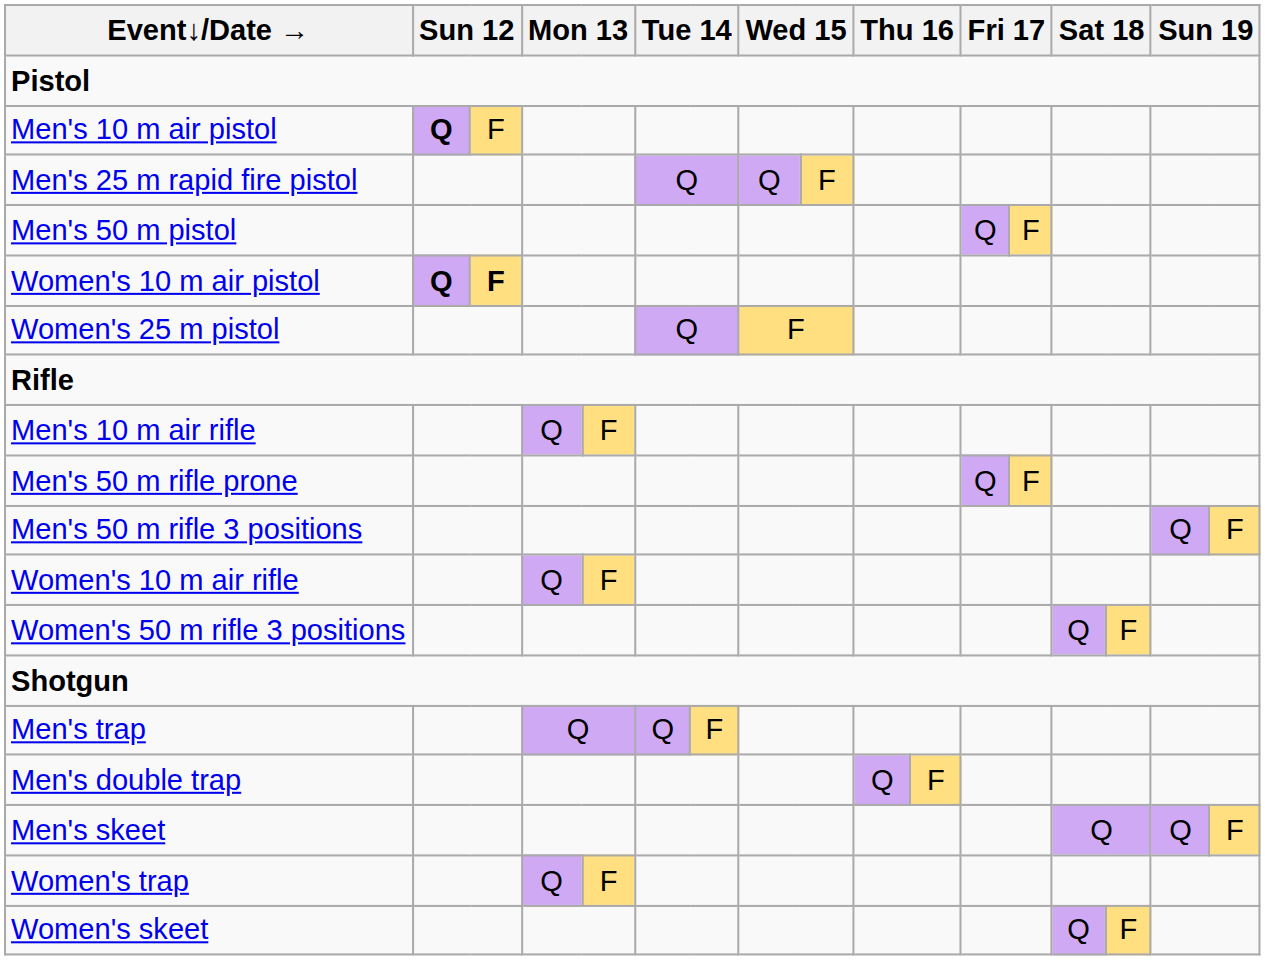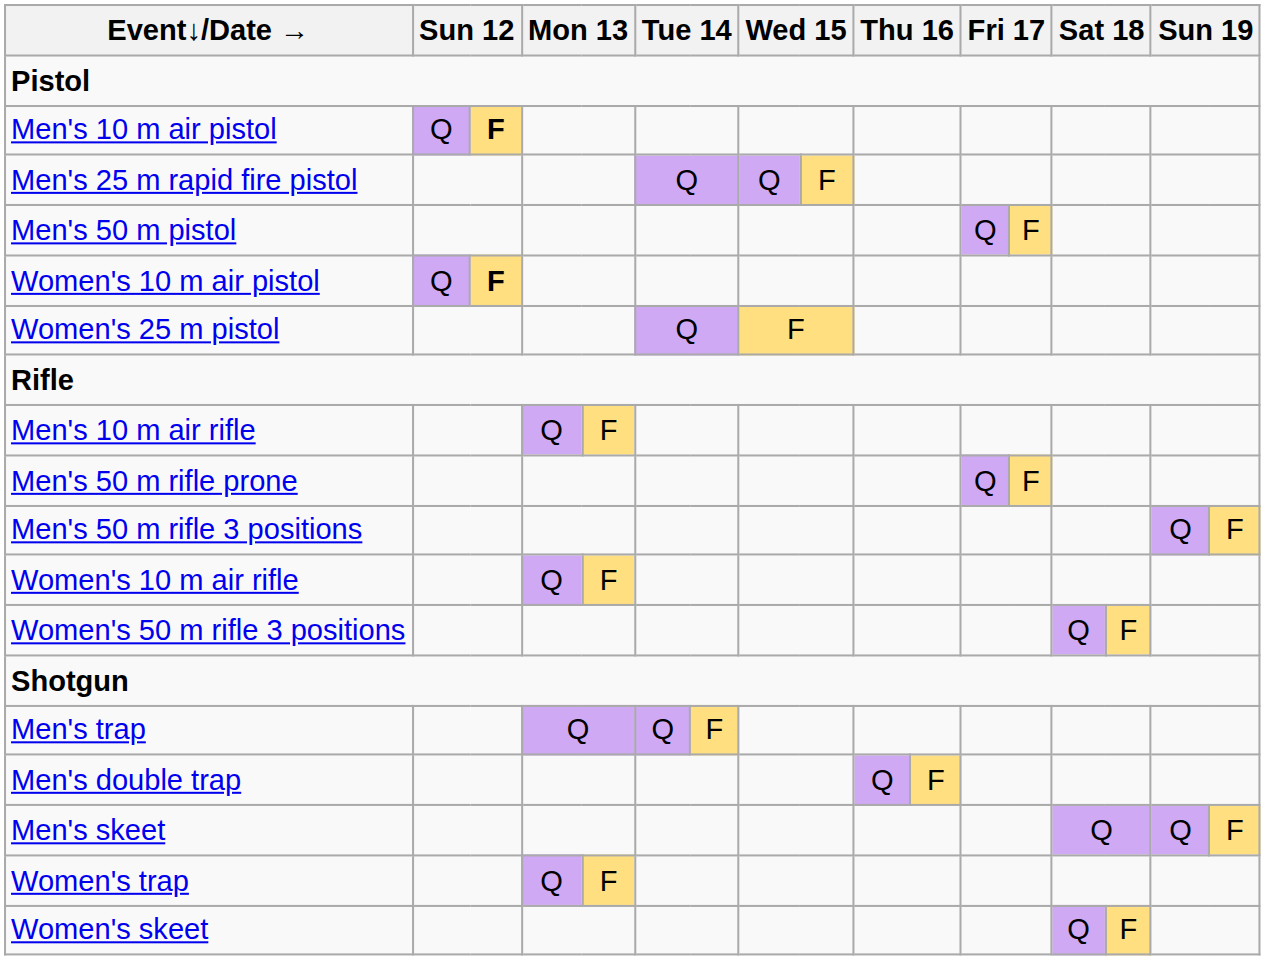 <table class="wikitable" style="margin:0.5em auto; font-size:90%; line-height:1.25em;">
 <tr style="text-align:center;">
 <th>Event↓/Date →</th>
 <th colspan=2>Sun 12</th>
 <th colspan=2>Mon 13</th>
 <th colspan=2>Tue 14</th>
 <th colspan=2>Wed 15</th>
 <th colspan=2>Thu 16</th>
 <th colspan=2>Fri 17</th>
 <th colspan=2>Sat 18</th>
 <th colspan=2>Sun 19</th>
 </tr>
 <tr>
 <td colspan=21><strong>Pistol</strong></td>
 </tr>
 <tr style="text-align:center;">
 <td style="text-align:left;"><a href='#'>Men's 10 m air pistol</a></td>
-<td style="background-color:#D0A9F5;"><strong>Q</strong></td>
-<td style="background-color:#FFDF80;">F</td>
+<td style="background-color:#D0A9F5;">Q</td>
+<td style="background-color:#FFDF80;"><strong>F</strong></td>
 <td colspan=2></td>
 <td colspan=2></td>
 <td colspan=2></td>
 <td colspan=2></td>
 <td colspan=2></td>
 <td colspan=2></td>
 <td colspan=2></td>
 </tr>
 <tr style="text-align:center;">
 <td style="text-align:left;"><a href='#'>Men's 25 m rapid fire pistol</a></td>
 <td colspan=2></td>
 <td colspan=2></td>
 <td colspan=2 style="background-color:#D0A9F5;">Q</td>
 <td style="background-color:#D0A9F5;">Q</td>
 <td style="background-color:#FFDF80;">F</td>
 <td colspan=2></td>
 <td colspan=2></td>
 <td colspan=2></td>
 <td colspan=2></td>
 </tr>
 <tr style="text-align:center;">
 <td style="text-align:left;"><a href='#'>Men's 50 m pistol</a></td>
 <td colspan=2></td>
 <td colspan=2></td>
 <td colspan=2></td>
 <td colspan=2></td>
 <td colspan=2></td>
 <td style="background-color:#D0A9F5;">Q</td>
 <td style="background-color:#FFDF80;">F</td>
 <td colspan=2></td>
 <td colspan=2></td>
 </tr>
 <tr style="text-align:center;">
 <td style="text-align:left;"><a href='#'>Women's 10 m air pistol</a></td>
-<td style="background-color:#D0A9F5;"><strong>Q</strong></td>
+<td style="background-color:#D0A9F5;">Q</td>
 <td style="background-color:#FFDF80;"><strong>F</strong></td>
 <td colspan=2></td>
 <td colspan=2></td>
 <td colspan=2></td>
 <td colspan=2></td>
 <td colspan=2></td>
 <td colspan=2></td>
 <td colspan=2></td>
 </tr>
 <tr style="text-align:center;">
 <td style="text-align:left;"><a href='#'>Women's 25 m pistol</a></td>
 <td colspan=2></td>
 <td colspan=2></td>
 <td colspan=2 style="background-color:#D0A9F5;">Q</td>
 <td colspan=2 style="background-color:#FFDF80;">F</td>
 <td colspan=2></td>
 <td colspan=2></td>
 <td colspan=2></td>
 <td colspan=2></td>
 </tr>
 <tr>
 <td colspan=21><strong>Rifle</strong></td>
 </tr>
 <tr style="text-align:center;">
 <td style="text-align:left;"><a href='#'>Men's 10 m air rifle</a></td>
 <td colspan=2></td>
 <td style="background-color:#D0A9F5;">Q</td>
 <td style="background-color:#FFDF80;">F</td>
 <td colspan=2></td>
 <td colspan=2></td>
 <td colspan=2></td>
 <td colspan=2></td>
 <td colspan=2></td>
 <td colspan=2></td>
 </tr>
 <tr style="text-align:center;">
 <td style="text-align:left;"><a href='#'>Men's 50 m rifle prone</a></td>
 <td colspan=2></td>
 <td colspan=2></td>
 <td colspan=2></td>
 <td colspan=2></td>
 <td colspan=2></td>
 <td style="background-color:#D0A9F5;">Q</td>
 <td style="background-color:#FFDF80;">F</td>
 <td colspan=2></td>
 <td colspan=2></td>
 </tr>
 <tr style="text-align:center;">
 <td style="text-align:left;"><a href='#'>Men's 50 m rifle 3 positions</a></td>
 <td colspan=2></td>
 <td colspan=2></td>
 <td colspan=2></td>
 <td colspan=2></td>
 <td colspan=2></td>
 <td colspan=2></td>
 <td colspan=2></td>
 <td style="background-color:#D0A9F5;">Q</td>
 <td style="background-color:#FFDF80;">F</td>
 </tr>
 <tr style="text-align:center;">
 <td style="text-align:left;"><a href='#'>Women's 10 m air rifle</a></td>
 <td colspan=2></td>
 <td style="background-color:#D0A9F5;">Q</td>
 <td style="background-color:#FFDF80;">F</td>
 <td colspan=2></td>
 <td colspan=2></td>
 <td colspan=2></td>
 <td colspan=2></td>
 <td colspan=2></td>
 <td colspan=2></td>
 </tr>
 <tr style="text-align:center;">
 <td style="text-align:left;"><a href='#'>Women's 50 m rifle 3 positions</a></td>
 <td colspan=2></td>
 <td colspan=2></td>
 <td colspan=2></td>
 <td colspan=2></td>
 <td colspan=2></td>
 <td colspan=2></td>
 <td style="background-color:#D0A9F5;">Q</td>
 <td style="background-color:#FFDF80;">F</td>
 <td colspan=2></td>
 </tr>
 <tr>
 <td colspan=20><strong>Shotgun</strong></td>
 </tr>
 <tr style="text-align:center;">
 <td style="text-align:left;"><a href='#'>Men's trap</a></td>
 <td colspan=2></td>
 <td colspan=2 style="background-color:#D0A9F5;">Q</td>
 <td style="background-color:#D0A9F5;">Q</td>
 <td style="background-color:#FFDF80;">F</td>
 <td colspan=2></td>
 <td colspan=2></td>
 <td colspan=2></td>
 <td colspan=2></td>
 <td colspan=2></td>
 </tr>
 <tr style="text-align:center;">
 <td style="text-align:left;"><a href='#'>Men's double trap</a></td>
 <td colspan=2></td>
 <td colspan=2></td>
 <td colspan=2></td>
 <td colspan=2></td>
 <td style="background-color:#D0A9F5;">Q</td>
 <td style="background-color:#FFDF80;">F</td>
 <td colspan=2></td>
 <td colspan=2></td>
 <td colspan=2></td>
 </tr>
 <tr style="text-align:center;">
 <td style="text-align:left;"><a href='#'>Men's skeet</a></td>
 <td colspan=2></td>
 <td colspan=2></td>
 <td colspan=2></td>
 <td colspan=2></td>
 <td colspan=2></td>
 <td colspan=2></td>
 <td colspan=2 style="background-color:#D0A9F5;">Q</td>
 <td style="background-color:#D0A9F5;">Q</td>
 <td style="background-color:#FFDF80;">F</td>
 </tr>
 <tr style="text-align:center;">
 <td style="text-align:left;"><a href='#'>Women's trap</a></td>
 <td colspan=2></td>
 <td style="background-color:#D0A9F5;">Q</td>
 <td style="background-color:#FFDF80;">F</td>
 <td colspan=2></td>
 <td colspan=2></td>
 <td colspan=2></td>
 <td colspan=2></td>
 <td colspan=2></td>
 <td colspan=2></td>
 </tr>
 <tr style="text-align:center;">
 <td style="text-align:left;"><a href='#'>Women's skeet</a></td>
 <td colspan=2></td>
 <td colspan=2></td>
 <td colspan=2></td>
 <td colspan=2></td>
 <td colspan=2></td>
 <td colspan=2></td>
 <td style="background-color:#D0A9F5;">Q</td>
 <td style="background-color:#FFDF80;">F</td>
 <td colspan=2></td>
 </tr>
 </table>
